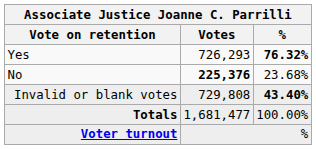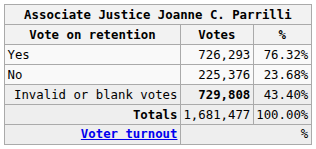 <table class="wikitable" style="font-size: 95%;">
 <tr style="background-color:#E9E9E9">
 <th colspan=7>Associate Justice Joanne C. Parrilli</th>
 </tr>
 <tr style="background-color:#E9E9E9">
 <th style="width: 170px">Vote on retention</th>
 <th style="width: 50px">Votes</th>
 <th style="width: 40px">%</th>
 </tr>
 <tr>
 <td>Yes</td>
 <td align="right">726,293</td>
-<td align="right"><strong>76.32%</strong></td>
+<td align="right">76.32%</td>
 </tr>
 <tr>
 <td>No</td>
-<td align="right"><strong>225,376</strong></td>
+<td align="right">225,376</td>
 <td align="right">23.68%</td>
 </tr>
 <tr style="background-color:#EEEEEE">
 <td align="right">Invalid or blank votes</td>
-<td align="right">729,808</td>
-<td align="right"><strong>43.40%</strong></td>
+<td align="right"><strong>729,808</strong></td>
+<td align="right">43.40%</td>
 </tr>
 <tr style="background-color:#EEEEEE">
 <td colspan="1" align="right"><strong>Totals</strong></td>
 <td align="right">1,681,477</td>
 <td align="right">100.00%</td>
 </tr>
 <tr style="background-color:#EEEEEE">
 <td align="right"><strong><a href='#'>Voter turnout</a></strong></td>
 <td colspan="2" align="right">%</td>
 </tr>
 </table>
